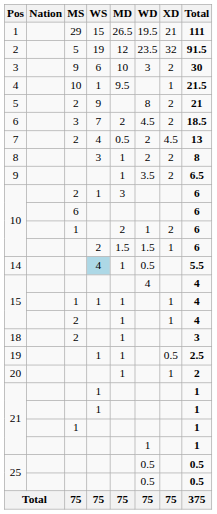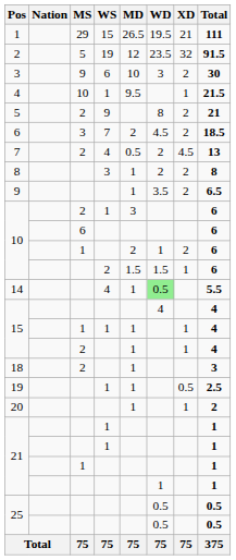 <table class="wikitable" style="text-align:center">
 <tr>
 <th>Pos</th>
 <th>Nation</th>
 <th>MS</th>
 <th>WS</th>
 <th>MD</th>
 <th>WD</th>
 <th>XD</th>
 <th>Total</th>
 </tr>
 <tr>
 <td>1</td>
 <td align=left></td>
 <td>29</td>
 <td>15</td>
 <td>26.5</td>
 <td>19.5</td>
 <td>21</td>
 <td><strong>111</strong></td>
 </tr>
 <tr>
 <td>2</td>
 <td align=left></td>
 <td>5</td>
 <td>19</td>
 <td>12</td>
 <td>23.5</td>
 <td>32</td>
 <td><strong>91.5</strong></td>
 </tr>
 <tr>
 <td>3</td>
 <td align=left></td>
 <td>9</td>
 <td>6</td>
 <td>10</td>
 <td>3</td>
 <td>2</td>
 <td><strong>30</strong></td>
 </tr>
 <tr>
 <td>4</td>
 <td align=left></td>
 <td>10</td>
 <td>1</td>
 <td>9.5</td>
 <td></td>
 <td>1</td>
 <td><strong>21.5</strong></td>
 </tr>
 <tr>
 <td>5</td>
 <td align=left><strong></strong></td>
 <td>2</td>
 <td>9</td>
 <td></td>
 <td>8</td>
 <td>2</td>
 <td><strong>21</strong></td>
 </tr>
 <tr>
 <td>6</td>
 <td align=left></td>
 <td>3</td>
 <td>7</td>
 <td>2</td>
 <td>4.5</td>
 <td>2</td>
 <td><strong>18.5</strong></td>
 </tr>
 <tr>
 <td>7</td>
 <td align=left></td>
 <td>2</td>
 <td>4</td>
 <td>0.5</td>
 <td>2</td>
 <td>4.5</td>
 <td><strong>13</strong></td>
 </tr>
 <tr>
 <td>8</td>
 <td align=left><br></td>
 <td></td>
 <td>3</td>
 <td>1</td>
 <td>2</td>
 <td>2</td>
 <td><strong>8</strong></td>
 </tr>
 <tr>
 <td>9</td>
 <td align=left></td>
 <td></td>
 <td></td>
 <td>1</td>
 <td>3.5</td>
 <td>2</td>
 <td><strong>6.5</strong></td>
 </tr>
 <tr>
 <td rowspan=4>10</td>
 <td align=left></td>
 <td>2</td>
 <td>1</td>
 <td>3</td>
 <td></td>
 <td></td>
 <td><strong>6</strong></td>
 </tr>
 <tr>
 <td align=left></td>
 <td>6</td>
 <td></td>
 <td></td>
 <td></td>
 <td></td>
 <td><strong>6</strong></td>
 </tr>
 <tr>
 <td align=left></td>
 <td>1</td>
 <td></td>
 <td>2</td>
 <td>1</td>
 <td>2</td>
 <td><strong>6</strong></td>
 </tr>
 <tr>
 <td align=left></td>
 <td></td>
 <td>2</td>
 <td>1.5</td>
 <td>1.5</td>
 <td>1</td>
 <td><strong>6</strong></td>
 </tr>
 <tr>
 <td>14</td>
 <td align=left></td>
 <td></td>
-<td style="background: lightblue;">4</td>
+<td>4</td>
 <td>1</td>
-<td>0.5</td>
+<td style="background: lightgreen;">0.5</td>
 <td></td>
 <td><strong>5.5</strong></td>
 </tr>
 <tr>
 <td rowspan=3>15</td>
 <td align=left></td>
 <td></td>
 <td></td>
 <td></td>
 <td>4</td>
 <td></td>
 <td><strong>4</strong></td>
 </tr>
 <tr>
 <td align=left></td>
 <td>1</td>
 <td>1</td>
 <td>1</td>
 <td></td>
 <td>1</td>
 <td><strong>4</strong></td>
 </tr>
 <tr>
 <td align=left></td>
 <td>2</td>
 <td></td>
 <td>1</td>
 <td></td>
 <td>1</td>
 <td><strong>4</strong></td>
 </tr>
 <tr>
 <td>18</td>
 <td align=left></td>
 <td>2</td>
 <td></td>
 <td>1</td>
 <td></td>
 <td></td>
 <td><strong>3</strong></td>
 </tr>
 <tr>
 <td>19</td>
 <td align=left></td>
 <td></td>
 <td>1</td>
 <td>1</td>
 <td></td>
 <td>0.5</td>
 <td><strong>2.5</strong></td>
 </tr>
 <tr>
 <td>20</td>
 <td align=left></td>
 <td></td>
 <td></td>
 <td>1</td>
 <td></td>
 <td>1</td>
 <td><strong>2</strong></td>
 </tr>
 <tr>
 <td rowspan=4>21</td>
 <td align=left></td>
 <td></td>
 <td>1</td>
 <td></td>
 <td></td>
 <td></td>
 <td><strong>1</strong></td>
 </tr>
 <tr>
 <td align=left></td>
 <td></td>
 <td>1</td>
 <td></td>
 <td></td>
 <td></td>
 <td><strong>1</strong></td>
 </tr>
 <tr>
 <td align=left></td>
 <td>1</td>
 <td></td>
 <td></td>
 <td></td>
 <td></td>
 <td><strong>1</strong></td>
 </tr>
 <tr>
 <td align=left></td>
 <td></td>
 <td></td>
 <td></td>
 <td>1</td>
 <td></td>
 <td><strong>1</strong></td>
 </tr>
 <tr>
 <td rowspan=2>25</td>
 <td align=left></td>
 <td></td>
 <td></td>
 <td></td>
 <td>0.5</td>
 <td></td>
 <td><strong>0.5</strong></td>
 </tr>
 <tr>
 <td align=left></td>
 <td></td>
 <td></td>
 <td></td>
 <td>0.5</td>
 <td></td>
 <td><strong>0.5</strong></td>
 </tr>
 <tr>
 <th colspan="2">Total</th>
 <th>75</th>
 <th>75</th>
 <th>75</th>
 <th>75</th>
 <th>75</th>
 <th>375</th>
 </tr>
 </table>
